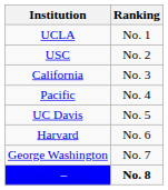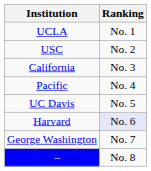 <table class="wikitable" style="text-align:center">
 <tr>
 <th>Institution</th>
 <th>Ranking</th>
 </tr>
 <tr>
 <td align=center style=><a href='#'><span>UCLA</span></a></td>
 <td>No. 1</td>
 </tr>
 <tr>
 <td align=center style=><a href='#'><span>USC</span></a></td>
 <td>No. 2</td>
 </tr>
 <tr>
 <td align=center style=><a href='#'><span>California</span></a></td>
 <td>No. 3</td>
 </tr>
 <tr>
 <td align=center style=><a href='#'><span>Pacific</span></a></td>
 <td>No. 4</td>
 </tr>
 <tr>
 <td align=center style=><a href='#'><span>UC Davis</span></a></td>
 <td>No. 5</td>
 </tr>
 <tr>
 <td align=center style=><a href='#'><span>Harvard</span></a></td>
-<td>No. 6</td>
+<td style="background: lavender;">No. 6</td>
 </tr>
 <tr>
 <td align=center style=><a href='#'><span>George Washington</span></a></td>
 <td>No. 7</td>
 </tr>
 <tr>
 <td align=center style="background-color:#0000FF;color:#FFFFFF;"><a href='#'><span>Pomona</span></a>–<a href='#'><span>Pitzer</span></a></td>
-<td><strong>No. 8</strong></td>
+<td>No. 8</td>
 </tr>
 </table>
